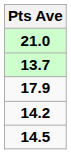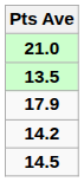 <table class="wikitable" style="text-align: center;">
 <tr>
 <th>Pts Ave</th>
 </tr>
 <tr>
 <td style="background:#ccffcc;"><strong>21.0</strong></td>
 </tr>
 <tr>
-<td style="background:#ccffcc;"><strong>13.7</strong></td>
+<td style="background:#ccffcc;"><strong>13.5</strong></td>
 </tr>
 <tr>
 <td><strong>17.9</strong></td>
 </tr>
 <tr>
 <td><strong>14.2</strong></td>
 </tr>
 <tr>
 <td><strong>14.5</strong></td>
 </tr>
 </table>
